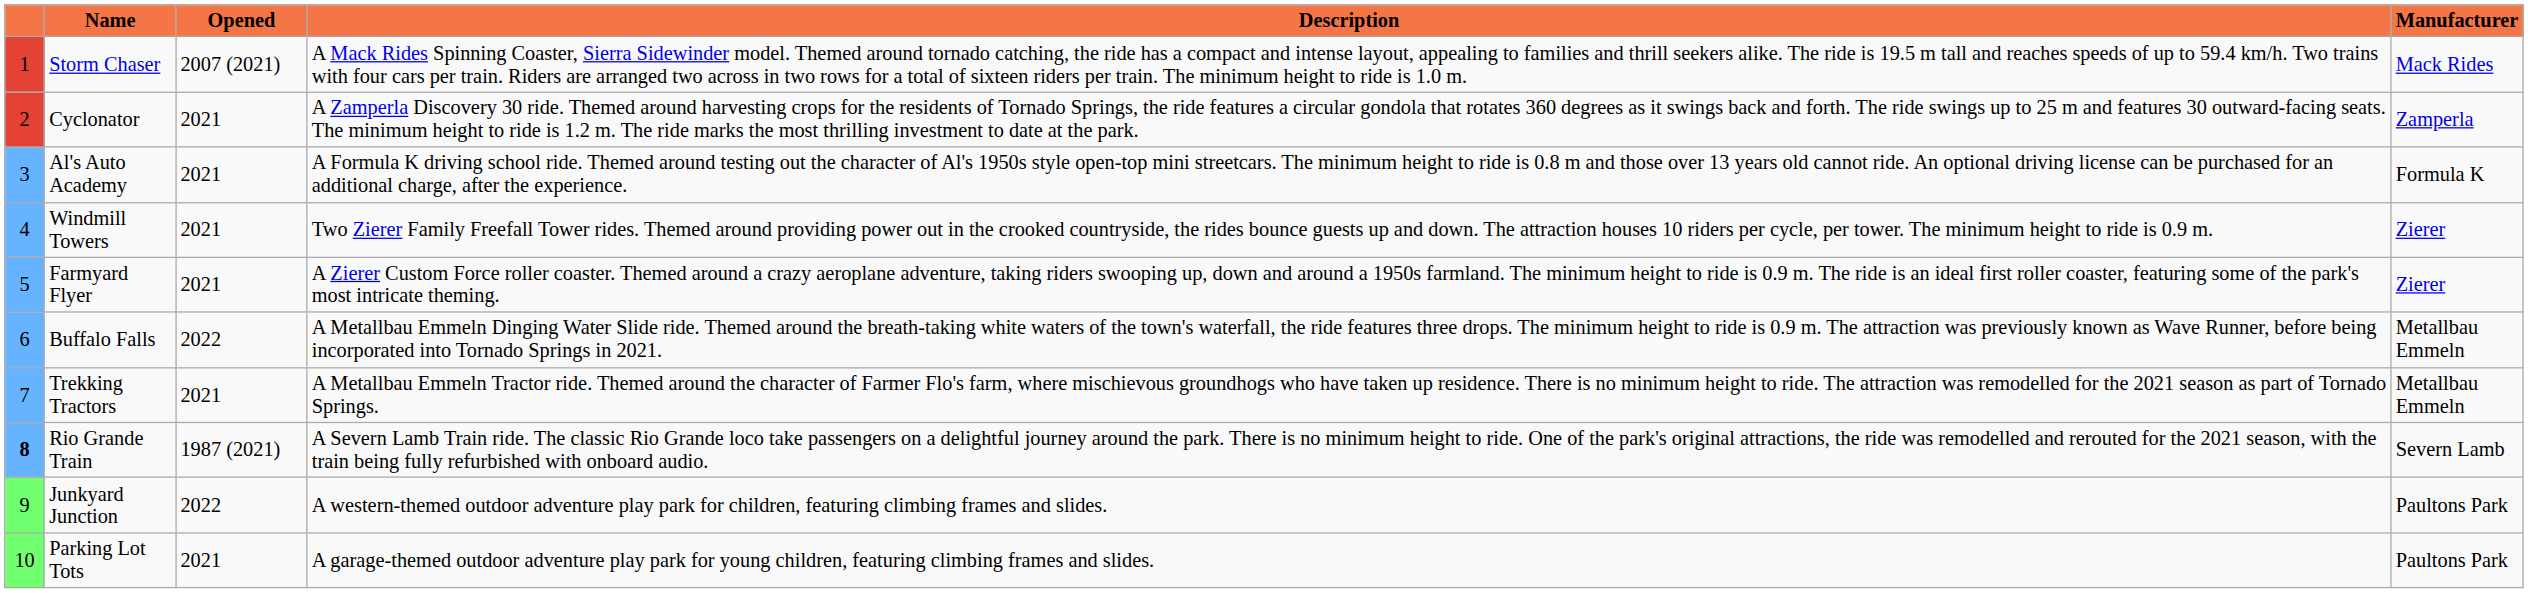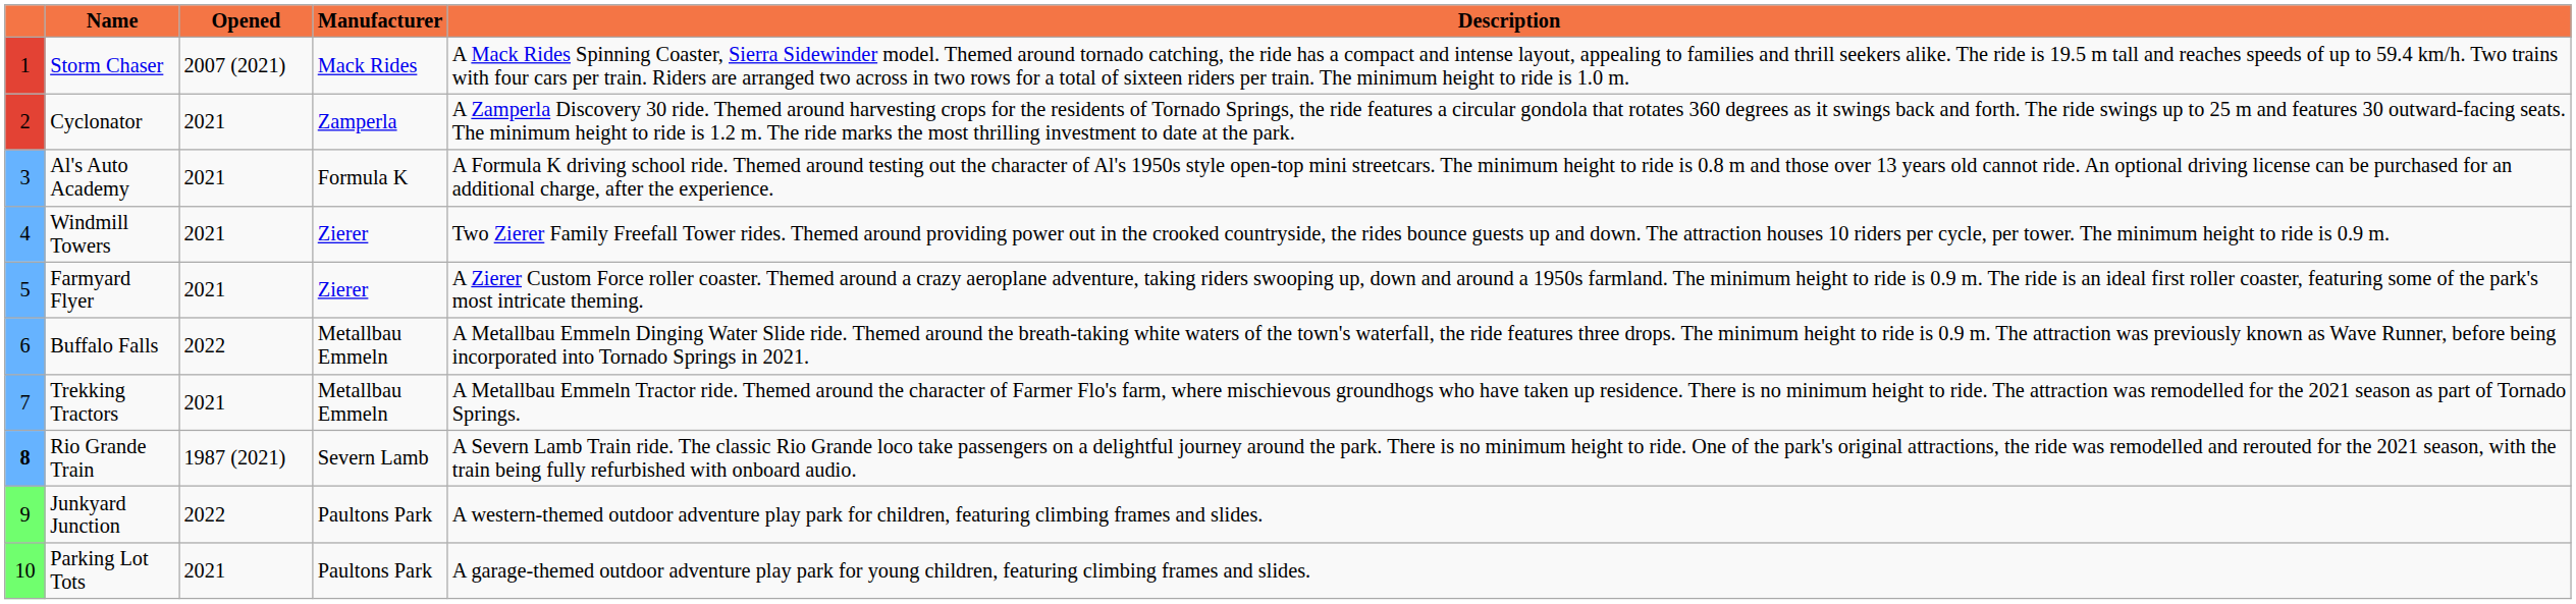 <table class="wikitable" style="width: 100%; font sizes: 95%;">
 <tr>
 <th style="background-color: #f47545; width: 1.5em;"></th>
 <th style="background-color: #f47545; width: 6em;">Name</th>
 <th style="background-color: #f47545; width: 6em;">Opened</th>
+<th style="background-color: #f47545; width: 6em;">Manufacturer</th>
 <th style="background-color: #f47545;">Description</th>
-<th style="background-color: #f47545; width: 6em;">Manufacturer</th>
 </tr>
 <tr>
 <td bgcolor="#e34234" style="text-align: center;">1</td>
 <td><a href='#'>Storm Chaser</a></td>
 <td>2007 (2021)</td>
+<td><a href='#'>Mack Rides</a></td>
 <td>A <a href='#'>Mack Rides</a> Spinning Coaster, <a href='#'>Sierra Sidewinder</a> model. Themed around tornado catching, the ride has a compact and intense layout, appealing to families and thrill seekers alike. The ride is 19.5 m tall and reaches speeds of up to 59.4 km/h. Two trains with four cars per train. Riders are arranged two across in two rows for a total of sixteen riders per train. The minimum height to ride is 1.0 m.</td>
-<td><a href='#'>Mack Rides</a></td>
 </tr>
 <tr>
 <td bgcolor="#e34234" style="text-align: center;">2</td>
 <td>Cyclonator</td>
 <td>2021</td>
+<td><a href='#'>Zamperla</a></td>
 <td>A <a href='#'>Zamperla</a> Discovery 30 ride. Themed around harvesting crops for the residents of Tornado Springs, the ride features a circular gondola that rotates 360 degrees as it swings back and forth. The ride swings up to 25 m and features 30 outward-facing seats. The minimum height to ride is 1.2 m. The ride marks the most thrilling investment to date at the park.</td>
-<td><a href='#'>Zamperla</a></td>
 </tr>
 <tr>
 <td bgcolor="#66b3ff" style="text-align: center;">3</td>
 <td>Al's Auto Academy</td>
 <td>2021</td>
+<td>Formula K</td>
 <td>A Formula K driving school ride. Themed around testing out the character of Al's 1950s style open-top mini streetcars. The minimum height to ride is 0.8 m and those over 13 years old cannot ride. An optional  driving license can be purchased for an additional charge, after the experience.</td>
-<td>Formula K</td>
 </tr>
 <tr>
 <td bgcolor="#66b3ff" style="text-align: center;">4</td>
 <td>Windmill Towers</td>
 <td>2021</td>
+<td><a href='#'>Zierer</a></td>
 <td>Two <a href='#'>Zierer</a> Family Freefall Tower rides. Themed around providing power out in the crooked countryside, the rides bounce guests up and down. The attraction houses 10 riders per cycle, per tower. The minimum height to ride is 0.9 m.</td>
-<td><a href='#'>Zierer</a></td>
 </tr>
 <tr>
 <td bgcolor="#66b3ff" style="text-align: center;">5</td>
 <td>Farmyard Flyer</td>
 <td>2021</td>
+<td><a href='#'>Zierer</a></td>
 <td>A <a href='#'>Zierer</a> Custom Force roller coaster. Themed around a crazy aeroplane adventure, taking riders swooping up, down and around a 1950s farmland. The minimum height to ride is 0.9 m. The ride is an ideal first roller coaster, featuring some of the park's most intricate theming.</td>
-<td><a href='#'>Zierer</a></td>
 </tr>
 <tr>
 <td bgcolor="#66b3ff" style="text-align: center;">6</td>
 <td>Buffalo Falls</td>
 <td>2022</td>
+<td>Metallbau Emmeln</td>
 <td>A Metallbau Emmeln Dinging Water Slide ride. Themed around the breath-taking white waters of the town's waterfall, the ride features three drops. The minimum height to ride is 0.9 m. The attraction was previously known as Wave Runner, before being incorporated into Tornado Springs in 2021.</td>
-<td>Metallbau Emmeln</td>
 </tr>
 <tr>
 <td bgcolor="#66b3ff" style="text-align: center;">7</td>
 <td>Trekking Tractors</td>
 <td>2021</td>
+<td>Metallbau Emmeln</td>
 <td>A Metallbau Emmeln Tractor ride. Themed around the character of Farmer Flo's farm, where mischievous groundhogs who have taken up residence. There is no minimum height to ride. The attraction was remodelled for the 2021 season as part of Tornado Springs.</td>
-<td>Metallbau Emmeln</td>
 </tr>
 <tr>
 <td bgcolor="#66b3ff" style="text-align: center;"><strong>8</strong></td>
 <td>Rio Grande Train</td>
 <td>1987 (2021)</td>
+<td>Severn Lamb</td>
 <td>A Severn Lamb Train ride. The classic Rio Grande loco take passengers on a delightful journey around the park. There is no minimum height to ride. One of the park's original attractions, the ride was remodelled and rerouted for the 2021 season, with the train being fully refurbished with onboard audio.</td>
-<td>Severn Lamb</td>
 </tr>
 <tr>
 <td bgcolor="#70FF6E" style="text-align: center;">9</td>
 <td>Junkyard Junction</td>
 <td>2022</td>
+<td>Paultons Park</td>
 <td>A western-themed outdoor adventure play park for children, featuring climbing frames and slides.</td>
-<td>Paultons Park</td>
 </tr>
 <tr>
 <td bgcolor="#70FF6E" style="text-align: center;">10</td>
 <td>Parking Lot Tots</td>
 <td>2021</td>
+<td>Paultons Park</td>
 <td>A garage-themed outdoor adventure play park for young children, featuring climbing frames and slides.</td>
-<td>Paultons Park</td>
 </tr>
 </table>
